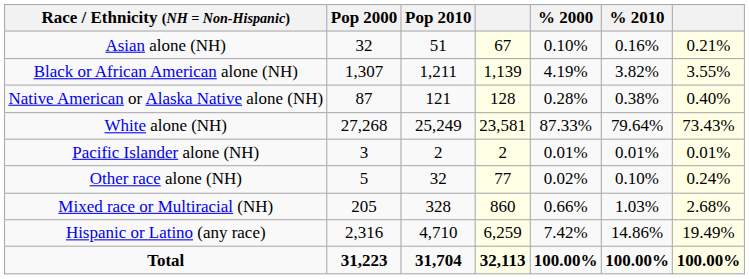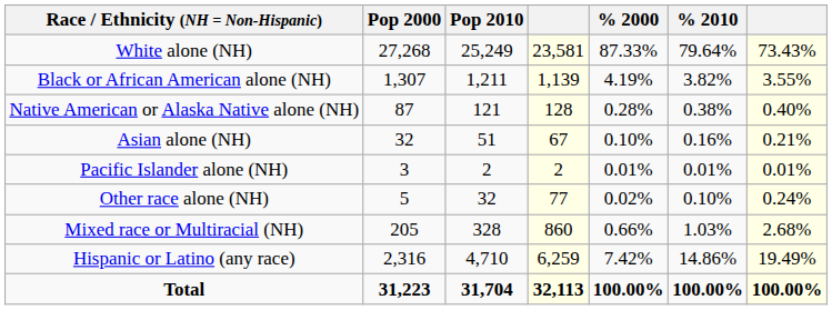 <table class="wikitable" style="text-align:center;">
 <tr>
 <th>Race / Ethnicity <small>(<em>NH = Non-Hispanic</em>)</small></th>
 <th>Pop 2000</th>
 <th>Pop 2010</th>
 <th></th>
 <th>% 2000</th>
 <th>% 2010</th>
 <th></th>
 </tr>
 <tr>
-<td><a href='#'>Asian</a> alone (NH)</td>
-<td>32</td>
-<td>51</td>
-<td style='background: #ffffe6;'>67</td>
-<td>0.10%</td>
-<td>0.16%</td>
-<td style='background: #ffffe6;'>0.21%</td>
+<td><a href='#'>White</a> alone (NH)</td>
+<td>27,268</td>
+<td>25,249</td>
+<td style='background: #ffffe6;'>23,581</td>
+<td>87.33%</td>
+<td>79.64%</td>
+<td style='background: #ffffe6;'>73.43%</td>
 </tr>
 <tr>
 <td><a href='#'>Black or African American</a> alone (NH)</td>
 <td>1,307</td>
 <td>1,211</td>
 <td style='background: #ffffe6;'>1,139</td>
 <td>4.19%</td>
 <td>3.82%</td>
 <td style='background: #ffffe6;'>3.55%</td>
 </tr>
 <tr>
 <td><a href='#'>Native American</a> or <a href='#'>Alaska Native</a> alone (NH)</td>
 <td>87</td>
 <td>121</td>
 <td style='background: #ffffe6;'>128</td>
 <td>0.28%</td>
 <td>0.38%</td>
 <td style='background: #ffffe6;'>0.40%</td>
 </tr>
 <tr>
-<td><a href='#'>White</a> alone (NH)</td>
-<td>27,268</td>
-<td>25,249</td>
-<td style='background: #ffffe6;'>23,581</td>
-<td>87.33%</td>
-<td>79.64%</td>
-<td style='background: #ffffe6;'>73.43%</td>
+<td><a href='#'>Asian</a> alone (NH)</td>
+<td>32</td>
+<td>51</td>
+<td style='background: #ffffe6;'>67</td>
+<td>0.10%</td>
+<td>0.16%</td>
+<td style='background: #ffffe6;'>0.21%</td>
 </tr>
 <tr>
 <td><a href='#'>Pacific Islander</a> alone (NH)</td>
 <td>3</td>
 <td>2</td>
 <td style='background: #ffffe6;'>2</td>
 <td>0.01%</td>
 <td>0.01%</td>
 <td style='background: #ffffe6;'>0.01%</td>
 </tr>
 <tr>
 <td><a href='#'>Other race</a> alone (NH)</td>
 <td>5</td>
 <td>32</td>
 <td style='background: #ffffe6;'>77</td>
 <td>0.02%</td>
 <td>0.10%</td>
 <td style='background: #ffffe6;'>0.24%</td>
 </tr>
 <tr>
 <td><a href='#'>Mixed race or Multiracial</a> (NH)</td>
 <td>205</td>
 <td>328</td>
 <td style='background: #ffffe6;'>860</td>
 <td>0.66%</td>
 <td>1.03%</td>
 <td style='background: #ffffe6;'>2.68%</td>
 </tr>
 <tr>
 <td><a href='#'>Hispanic or Latino</a> (any race)</td>
 <td>2,316</td>
 <td>4,710</td>
 <td style='background: #ffffe6;'>6,259</td>
 <td>7.42%</td>
 <td>14.86%</td>
 <td style='background: #ffffe6;'>19.49%</td>
 </tr>
 <tr>
 <td><strong>Total</strong></td>
 <td><strong>31,223</strong></td>
 <td><strong>31,704</strong></td>
 <td style='background: #ffffe6;'><strong>32,113</strong></td>
 <td><strong>100.00%</strong></td>
 <td><strong>100.00%</strong></td>
 <td style='background: #ffffe6;'><strong>100.00%</strong></td>
 </tr>
 </table>
